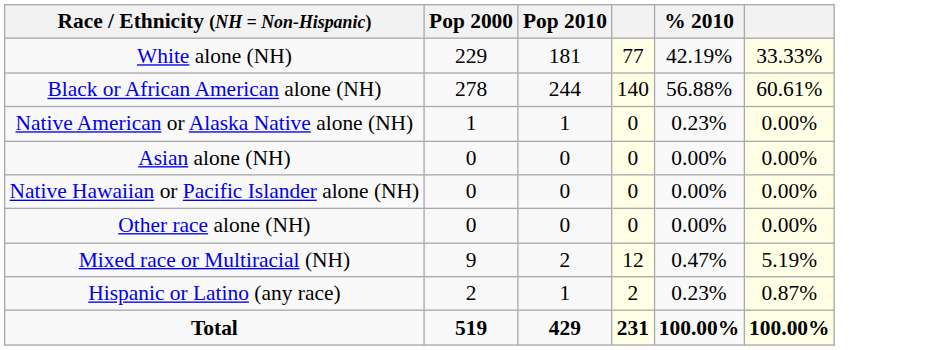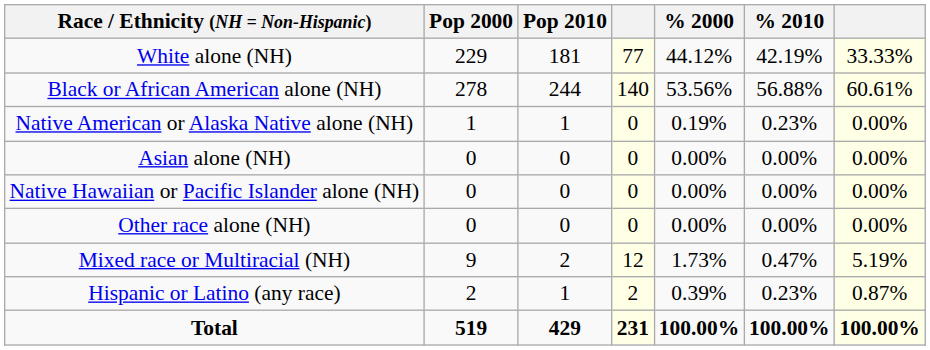 <table class="wikitable" style="text-align:center;">
 <tr>
 <th>Race / Ethnicity <small>(<em>NH = Non-Hispanic</em>)</small></th>
 <th>Pop 2000</th>
 <th>Pop 2010</th>
 <th></th>
+<th>% 2000</th>
 <th>% 2010</th>
 <th></th>
 </tr>
 <tr>
 <td><a href='#'>White</a> alone (NH)</td>
 <td>229</td>
 <td>181</td>
 <td style='background: #ffffe6;'>77</td>
+<td>44.12%</td>
 <td>42.19%</td>
 <td style='background: #ffffe6;'>33.33%</td>
 </tr>
 <tr>
 <td><a href='#'>Black or African American</a> alone (NH)</td>
 <td>278</td>
 <td>244</td>
 <td style='background: #ffffe6;'>140</td>
+<td>53.56%</td>
 <td>56.88%</td>
 <td style='background: #ffffe6;'>60.61%</td>
 </tr>
 <tr>
 <td><a href='#'>Native American</a> or <a href='#'>Alaska Native</a> alone (NH)</td>
 <td>1</td>
 <td>1</td>
 <td style='background: #ffffe6;'>0</td>
+<td>0.19%</td>
 <td>0.23%</td>
 <td style='background: #ffffe6;'>0.00%</td>
 </tr>
 <tr>
 <td><a href='#'>Asian</a> alone (NH)</td>
 <td>0</td>
 <td>0</td>
 <td style='background: #ffffe6;'>0</td>
 <td>0.00%</td>
+<td>0.00%</td>
 <td style='background: #ffffe6;'>0.00%</td>
 </tr>
 <tr>
 <td><a href='#'>Native Hawaiian</a> or <a href='#'>Pacific Islander</a> alone (NH)</td>
 <td>0</td>
 <td>0</td>
 <td style='background: #ffffe6;'>0</td>
+<td>0.00%</td>
 <td>0.00%</td>
 <td style='background: #ffffe6;'>0.00%</td>
 </tr>
 <tr>
 <td><a href='#'>Other race</a> alone (NH)</td>
 <td>0</td>
 <td>0</td>
 <td style='background: #ffffe6;'>0</td>
 <td>0.00%</td>
+<td>0.00%</td>
 <td style='background: #ffffe6;'>0.00%</td>
 </tr>
 <tr>
 <td><a href='#'>Mixed race or Multiracial</a> (NH)</td>
 <td>9</td>
 <td>2</td>
 <td style='background: #ffffe6;'>12</td>
+<td>1.73%</td>
 <td>0.47%</td>
 <td style='background: #ffffe6;'>5.19%</td>
 </tr>
 <tr>
 <td><a href='#'>Hispanic or Latino</a> (any race)</td>
 <td>2</td>
 <td>1</td>
 <td style='background: #ffffe6;'>2</td>
+<td>0.39%</td>
 <td>0.23%</td>
 <td style='background: #ffffe6;'>0.87%</td>
 </tr>
 <tr>
 <td><strong>Total</strong></td>
 <td><strong>519</strong></td>
 <td><strong>429</strong></td>
 <td style='background: #ffffe6;'><strong>231</strong></td>
 <td><strong>100.00%</strong></td>
+<td><strong>100.00%</strong></td>
 <td style='background: #ffffe6;'><strong>100.00%</strong></td>
 </tr>
 </table>
